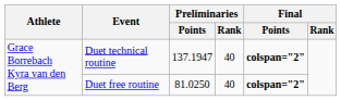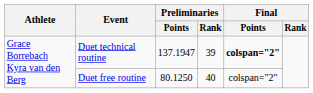 <table class="wikitable" style="text-align:center; font-size:90%; width:50%;">
 <tr>
 <th rowspan="2">Athlete</th>
 <th rowspan="2">Event</th>
 <th colspan="2">Preliminaries</th>
 <th colspan="2">Final</th>
 </tr>
 <tr style="font-size:95%">
 <th>Points</th>
 <th>Rank</th>
 <th>Points</th>
 <th>Rank</th>
 </tr>
 <tr>
 <td align=left rowspan=2><a href='#'>Grace Borrebach</a><br><a href='#'>Kyra van den Berg</a></td>
 <td align=left><a href='#'>Duet technical routine</a></td>
 <td>137.1947</td>
-<td>40</td>
+<td>39</td>
 <td><strong>colspan="2" </strong></td>
 </tr>
 <tr>
 <td align=left><a href='#'>Duet free routine</a></td>
-<td>81.0250</td>
+<td>80.1250</td>
 <td>40</td>
-<td><strong>colspan="2" </strong></td>
+<td>colspan="2" </td>
 </tr>
 </table>
